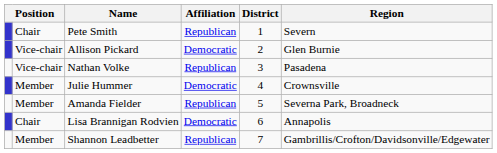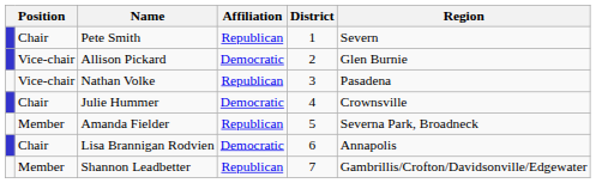 <table class=wikitable>
 <tr>
 <th colspan="2"  style="text-align:center; vertical-align:bottom;">Position</th>
 <th style="text-align:center;">Name</th>
 <th valign=bottom>Affiliation</th>
 <th style="vertical-align:bottom; text-align:center;">District</th>
 <th style="vertical-align:bottom; text-align:center;">Region</th>
 </tr>
 <tr>
 <td style="background:#33c;"> </td>
 <td>Chair</td>
 <td>Pete Smith</td>
 <td style="text-align:center;"><a href='#'>Republican</a></td>
 <td style="text-align:center;">1</td>
 <td>Severn</td>
 </tr>
 <tr>
 <td style="background:#33c;"> </td>
 <td>Vice-chair</td>
 <td>Allison Pickard</td>
 <td style="text-align:center;"><a href='#'>Democratic</a></td>
 <td style="text-align:center;">2</td>
 <td>Glen Burnie</td>
 </tr>
 <tr>
 <td style="background-color:"> </td>
 <td>Vice-chair</td>
 <td>Nathan Volke</td>
 <td style="text-align:center;"><a href='#'>Republican</a></td>
 <td style="text-align:center;">3</td>
 <td>Pasadena</td>
 </tr>
 <tr>
 <td style="background:#33c;"> </td>
-<td>Member</td>
+<td>Chair</td>
 <td>Julie Hummer</td>
 <td style="text-align:center;"><a href='#'>Democratic</a></td>
 <td style="text-align:center;">4</td>
 <td>Crownsville</td>
 </tr>
 <tr>
 <td style="background-color:"> </td>
 <td>Member</td>
 <td>Amanda Fielder</td>
 <td style="text-align:center;"><a href='#'>Republican</a></td>
 <td style="text-align:center;">5</td>
 <td>Severna Park, Broadneck</td>
 </tr>
 <tr>
 <td style="background:#33c;"> </td>
 <td>Chair</td>
 <td>Lisa Brannigan Rodvien</td>
 <td style="text-align:center;"><a href='#'>Democratic</a></td>
 <td style="text-align:center;">6</td>
 <td>Annapolis</td>
 </tr>
 <tr>
 <td style="background-color:"> </td>
 <td>Member</td>
 <td>Shannon Leadbetter</td>
 <td style="text-align:center;"><a href='#'>Republican</a></td>
 <td style="text-align:center;">7</td>
 <td>Gambrillis/Crofton/Davidsonville/Edgewater</td>
 </tr>
 </table>
